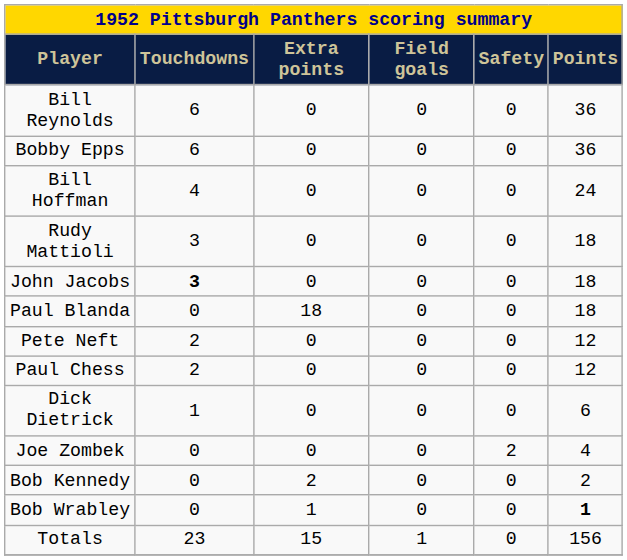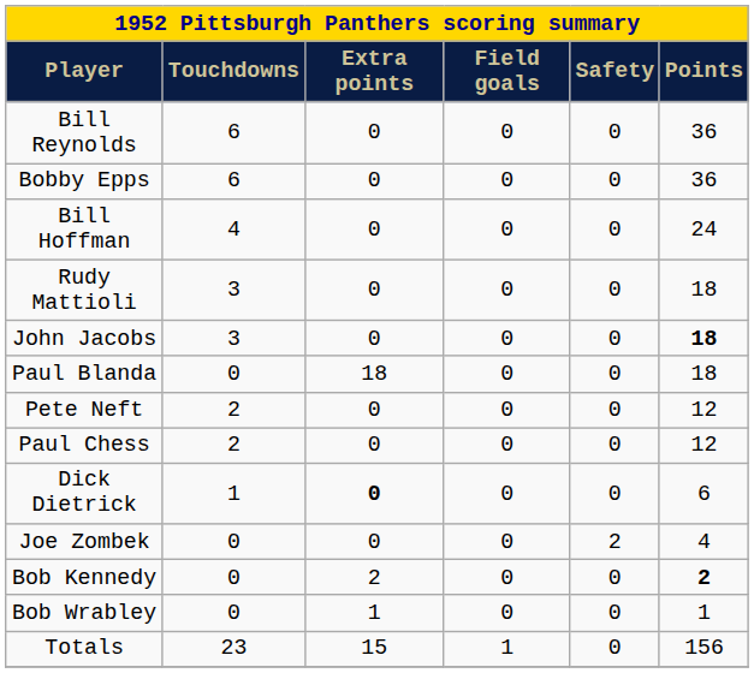 <table class="wikitable" width="35%">
 <tr>
 <th colspan="10" style="background:gold; color:darkblue; text-align: center;"><strong>1952 Pittsburgh Panthers scoring summary</strong></th>
 </tr>
 <tr align="center"  style="background:#091C44;color:#CEC499;">
 <td><strong>Player</strong></td>
 <td><strong>Touchdowns</strong></td>
 <td><strong>Extra points</strong></td>
 <td><strong>Field goals</strong></td>
 <td><strong>Safety</strong></td>
 <td><strong>Points</strong></td>
 </tr>
 <tr align="center" bgcolor="">
 <td>Bill Reynolds</td>
 <td>6</td>
 <td>0</td>
 <td>0</td>
 <td>0</td>
 <td>36</td>
 </tr>
 <tr align="center" bgcolor="">
 <td>Bobby Epps</td>
 <td>6</td>
 <td>0</td>
 <td>0</td>
 <td>0</td>
 <td>36</td>
 </tr>
 <tr align="center" bgcolor="">
 <td>Bill Hoffman</td>
 <td>4</td>
 <td>0</td>
 <td>0</td>
 <td>0</td>
 <td>24</td>
 </tr>
 <tr align="center" bgcolor="">
 <td>Rudy Mattioli</td>
 <td>3</td>
 <td>0</td>
 <td>0</td>
 <td>0</td>
 <td>18</td>
 </tr>
 <tr align="center" bgcolor="">
 <td>John Jacobs</td>
-<td><strong>3</strong></td>
+<td>3</td>
 <td>0</td>
 <td>0</td>
 <td>0</td>
-<td>18</td>
+<td><strong>18</strong></td>
 </tr>
 <tr align="center" bgcolor="">
 <td>Paul Blanda</td>
 <td>0</td>
 <td>18</td>
 <td>0</td>
 <td>0</td>
 <td>18</td>
 </tr>
 <tr align="center" bgcolor="">
 <td>Pete Neft</td>
 <td>2</td>
 <td>0</td>
 <td>0</td>
 <td>0</td>
 <td>12</td>
 </tr>
 <tr align="center" bgcolor="">
 <td>Paul Chess</td>
 <td>2</td>
 <td>0</td>
 <td>0</td>
 <td>0</td>
 <td>12</td>
 </tr>
 <tr align="center" bgcolor="">
 <td>Dick Dietrick</td>
 <td>1</td>
-<td>0</td>
+<td><strong>0</strong></td>
 <td>0</td>
 <td>0</td>
 <td>6</td>
 </tr>
 <tr align="center" bgcolor="">
 <td>Joe Zombek</td>
 <td>0</td>
 <td>0</td>
 <td>0</td>
 <td>2</td>
 <td>4</td>
 </tr>
 <tr align="center" bgcolor="">
 <td>Bob Kennedy</td>
 <td>0</td>
 <td>2</td>
 <td>0</td>
 <td>0</td>
-<td>2</td>
+<td><strong>2</strong></td>
 </tr>
 <tr align="center" bgcolor="">
 <td>Bob Wrabley</td>
 <td>0</td>
 <td>1</td>
 <td>0</td>
 <td>0</td>
-<td><strong>1</strong></td>
+<td>1</td>
 </tr>
 <tr align="center" bgcolor="">
 <td>Totals</td>
 <td>23</td>
 <td>15</td>
 <td>1</td>
 <td>0</td>
 <td>156</td>
 </tr>
 <tr align="center" bgcolor="">
 </tr>
 </table>
